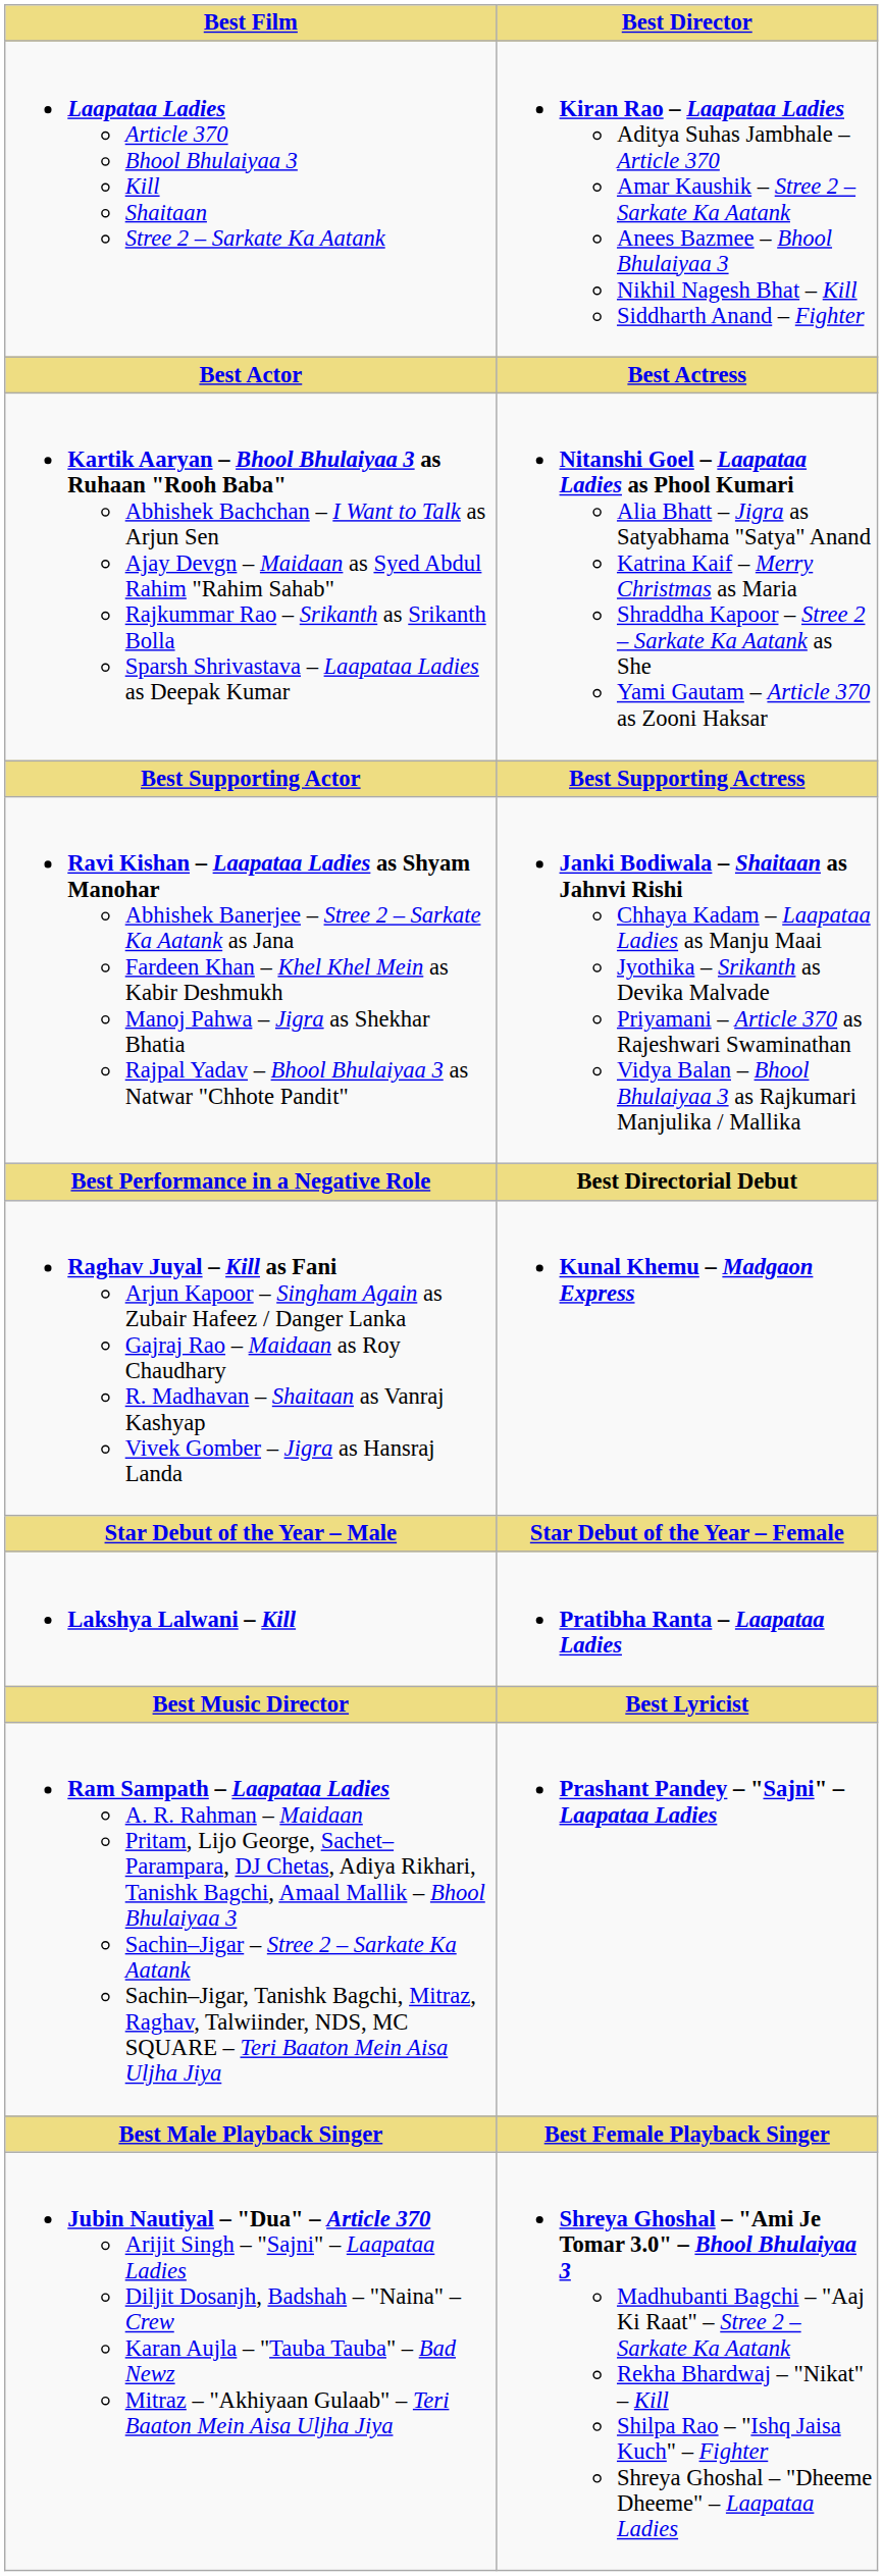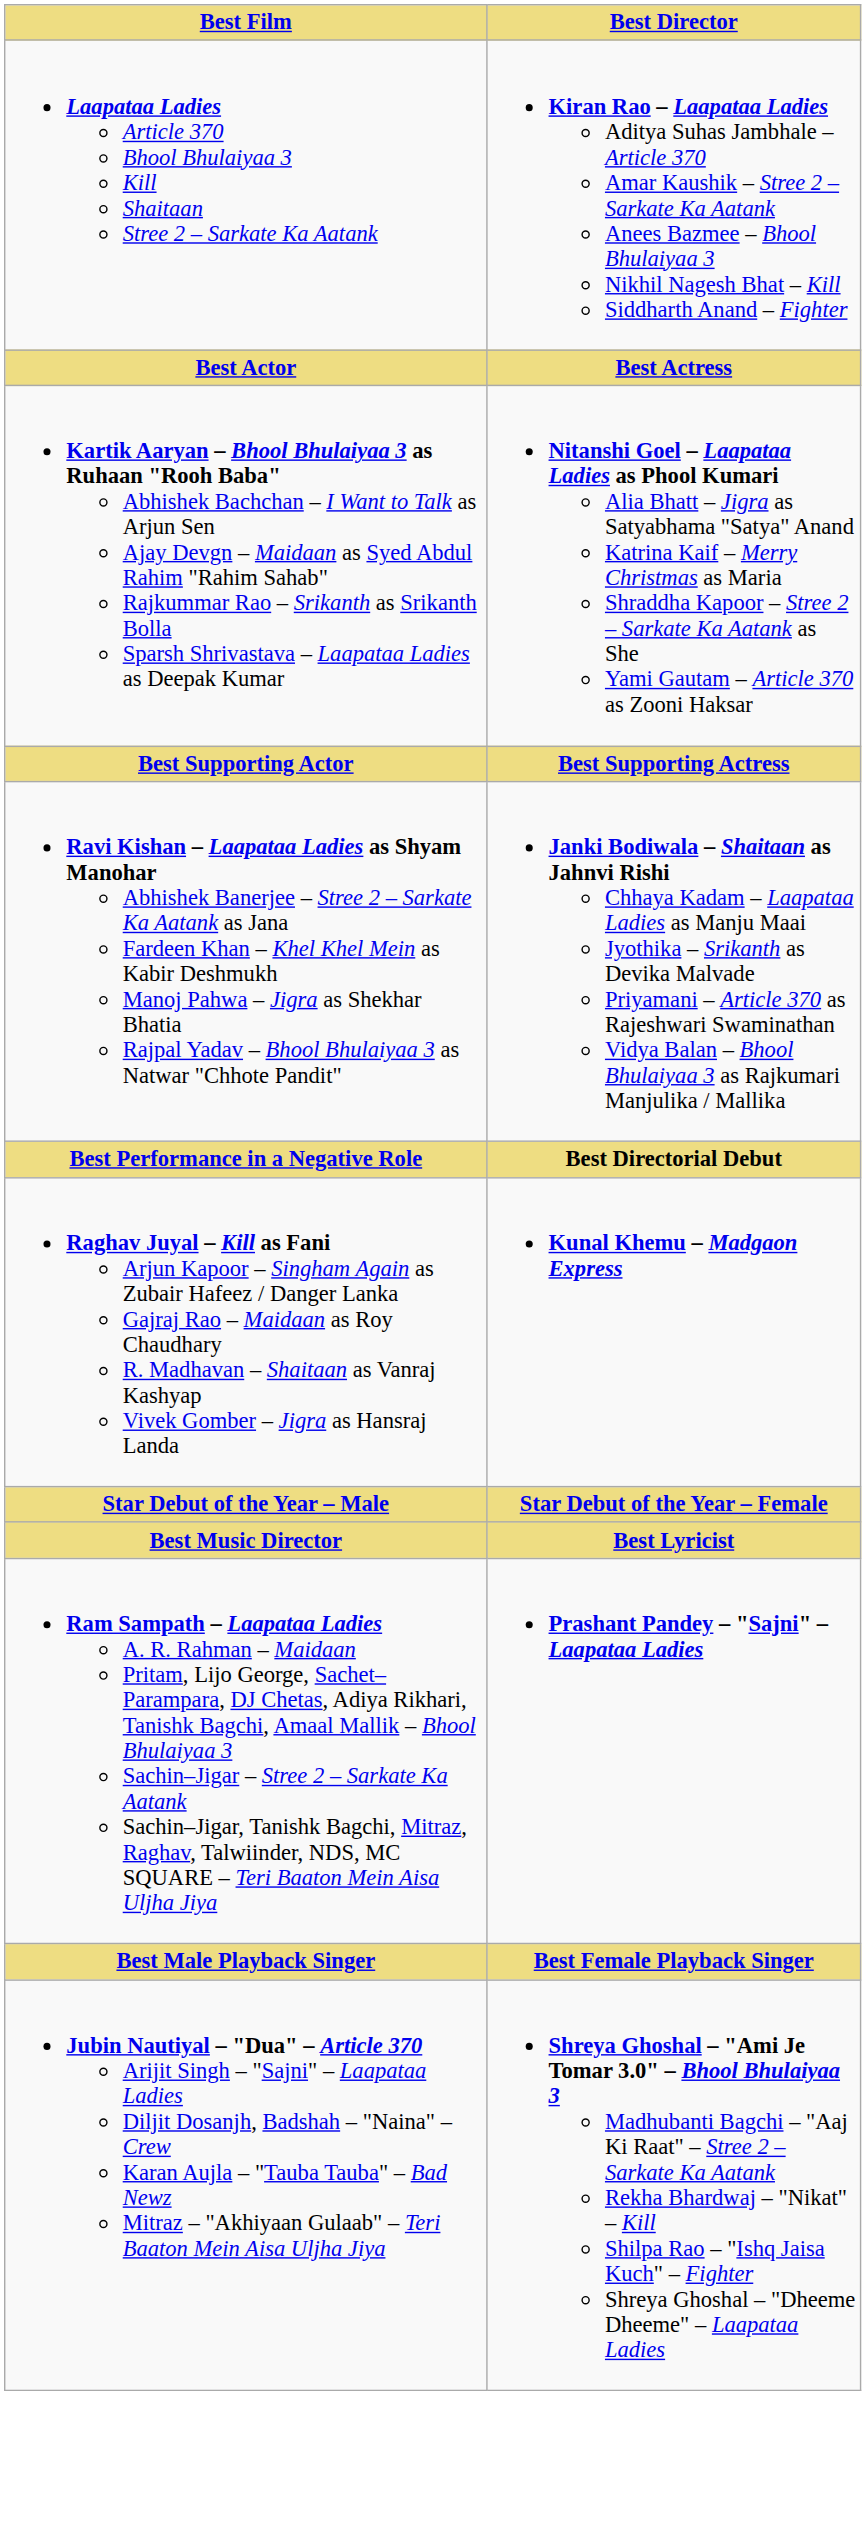 <table class="wikitable">
 <tr>
 <th ! style="background:#EEDD82;text-align:center;"><a href='#'>Best Film</a></th>
 <th ! style="background:#eedd82;text-align:center;"><a href='#'>Best Director</a></th>
 </tr>
 <tr>
 <td valign="top"><br><ul><li><a href='#'><strong><em>Laapataa Ladies</em></strong></a><ul><li><a href='#'><em>Article 370</em></a></li><li><a href='#'><em>Bhool Bhulaiyaa 3</em></a></li><li><a href='#'><em>Kill</em></a></li><li><a href='#'><em>Shaitaan</em></a></li><li><a href='#'><em>Stree 2 – Sarkate Ka Aatank</em></a></li></ul></li></ul></td>
 <td valign="top"><br><ul><li><strong><a href='#'>Kiran Rao</a> – <a href='#'><em>Laapataa Ladies</em></a></strong><ul><li>Aditya Suhas Jambhale – <a href='#'><em>Article 370</em></a></li><li><a href='#'>Amar Kaushik</a> – <a href='#'><em>Stree 2 – Sarkate Ka Aatank</em></a></li><li><a href='#'>Anees Bazmee</a> – <a href='#'><em>Bhool Bhulaiyaa 3</em></a></li><li><a href='#'>Nikhil Nagesh Bhat</a> – <a href='#'><em>Kill</em></a></li><li><a href='#'>Siddharth Anand</a> – <a href='#'><em>Fighter</em></a></li></ul></li></ul></td>
 </tr>
 <tr>
 <th ! style="background:#EEDD82;text-align:center;"><a href='#'>Best Actor</a></th>
 <th ! style="background:#eedd82;text-align:center;"><a href='#'>Best Actress</a></th>
 </tr>
 <tr>
 <td valign="top"><br><ul><li><strong><a href='#'>Kartik Aaryan</a> – <a href='#'><em>Bhool Bhulaiyaa 3</em></a> as Ruhaan "Rooh Baba"</strong><ul><li><a href='#'>Abhishek Bachchan</a> – <a href='#'><em>I Want to Talk</em></a> as Arjun Sen</li><li><a href='#'>Ajay Devgn</a> – <em><a href='#'>Maidaan</a></em> as <a href='#'>Syed Abdul Rahim</a> "Rahim Sahab"</li><li><a href='#'>Rajkummar Rao</a> – <a href='#'><em>Srikanth</em></a> as <a href='#'>Srikanth Bolla</a></li><li><a href='#'>Sparsh Shrivastava</a> – <a href='#'><em>Laapataa Ladies</em></a> as Deepak Kumar</li></ul></li></ul></td>
 <td valign="top"><br><ul><li><a href='#'><strong>Nitanshi Goel</strong></a> <strong>– <a href='#'><em>Laapataa Ladies</em></a> as Phool Kumari</strong><ul><li><a href='#'>Alia Bhatt</a> – <em><a href='#'>Jigra</a></em> as Satyabhama "Satya" Anand</li><li><a href='#'>Katrina Kaif</a> – <a href='#'><em>Merry Christmas</em></a> as Maria</li><li><a href='#'>Shraddha Kapoor</a> – <a href='#'><em>Stree 2 – Sarkate Ka Aatank</em></a> as She</li><li><a href='#'>Yami Gautam</a> – <a href='#'><em>Article 370</em></a> as Zooni Haksar</li></ul></li></ul></td>
 </tr>
 <tr>
 <th ! style="background:#EEDD82;text-align:center;"><a href='#'>Best Supporting Actor</a></th>
 <th ! style="background:#eedd82;text-align:center;"><a href='#'>Best Supporting Actress</a></th>
 </tr>
 <tr>
 <td valign="top"><br><ul><li><a href='#'><strong>Ravi Kishan</strong></a> <strong>– <a href='#'><em>Laapataa Ladies</em></a> as Shyam Manohar</strong><ul><li><a href='#'>Abhishek Banerjee</a> – <a href='#'><em>Stree 2 – Sarkate Ka Aatank</em></a> as Jana</li><li><a href='#'>Fardeen Khan</a> – <a href='#'><em>Khel Khel Mein</em></a> as Kabir Deshmukh</li><li><a href='#'>Manoj Pahwa</a> – <em><a href='#'>Jigra</a></em> as Shekhar Bhatia</li><li><a href='#'>Rajpal Yadav</a> – <a href='#'><em>Bhool Bhulaiyaa 3</em></a> as Natwar "Chhote Pandit"</li></ul></li></ul></td>
 <td valign="top"><br><ul><li><a href='#'><strong>Janki Bodiwala</strong></a> <strong>– <a href='#'><em>Shaitaan</em></a> as Jahnvi Rishi</strong><ul><li><a href='#'>Chhaya Kadam</a> – <a href='#'><em>Laapataa Ladies</em></a> as Manju Maai</li><li><a href='#'>Jyothika</a> – <a href='#'><em>Srikanth</em></a> as Devika Malvade</li><li><a href='#'>Priyamani</a> – <em><a href='#'>Article 370</a></em> as Rajeshwari Swaminathan</li><li><a href='#'>Vidya Balan</a> – <a href='#'><em>Bhool Bhulaiyaa 3</em></a> as Rajkumari Manjulika / Mallika</li></ul></li></ul></td>
 </tr>
 <tr>
 <th ! style="background:#eedd82; text-align:center;"><a href='#'>Best Performance in a Negative Role</a></th>
 <th ! style="background:#eedd82; text-align:center;">Best Directorial Debut</th>
 </tr>
 <tr>
 <td valign="top"><br><ul><li><a href='#'><strong>Raghav Juyal</strong></a> <strong>– <a href='#'><em>Kill</em></a> as Fani</strong><ul><li><a href='#'>Arjun Kapoor</a> – <a href='#'><em>Singham Again</em></a> as Zubair Hafeez / Danger Lanka</li><li><a href='#'>Gajraj Rao</a> – <em><a href='#'>Maidaan</a></em> as Roy Chaudhary</li><li><a href='#'>R. Madhavan</a> – <a href='#'><em>Shaitaan</em></a> as Vanraj Kashyap</li><li><a href='#'>Vivek Gomber</a> – <em><a href='#'>Jigra</a></em> as Hansraj Landa</li></ul></li></ul></td>
 <td valign="top"><br><ul><li><strong><a href='#'>Kunal Khemu</a> – <a href='#'><em>Madgaon Express</em></a></strong></li></ul></td>
 </tr>
 <tr>
 <th ! style="background:#eedd82; text-align:center;"><a href='#'>Star Debut of the Year – Male</a></th>
 <th ! style="background:#eedd82; text-align:center;"><a href='#'>Star Debut of the Year – Female</a></th>
 </tr>
 <tr>
-<td valign="top"><br><ul><li><a href='#'><strong>Lakshya Lalwani</strong></a> <strong>– <a href='#'><em>Kill</em></a></strong></li></ul></td>
-<td valign="top"><br><ul><li><strong><a href='#'>Pratibha Ranta</a> – <a href='#'><em>Laapataa Ladies</em></a></strong></li></ul></td>
-</tr>
-<tr>
 <th style="background:#eedd82; text-align:center;" !><a href='#'>Best Music Director</a></th>
 <th style="background:#eedd82; text-align:center;" !><a href='#'>Best Lyricist</a></th>
 </tr>
 <tr>
 <td valign="top"><br><ul><li><a href='#'><strong>Ram Sampath</strong></a> <strong>– <a href='#'><em>Laapataa Ladies</em></a></strong><ul><li><a href='#'>A. R. Rahman</a> – <em><a href='#'>Maidaan</a></em></li><li><a href='#'>Pritam</a>, Lijo George, <a href='#'>Sachet–Parampara</a>, <a href='#'>DJ Chetas</a>, Adiya Rikhari, <a href='#'>Tanishk Bagchi</a>, <a href='#'>Amaal Mallik</a> – <a href='#'><em>Bhool Bhulaiyaa 3</em></a></li><li><a href='#'>Sachin–Jigar</a> – <a href='#'><em>Stree 2 – Sarkate Ka Aatank</em></a></li><li>Sachin–Jigar, Tanishk Bagchi, <a href='#'>Mitraz</a>, <a href='#'>Raghav</a>, Talwiinder, NDS, MC SQUARE – <a href='#'><em>Teri Baaton Mein Aisa Uljha Jiya</em></a></li></ul></li></ul></td>
 <td valign="top"><br><ul><li><a href='#'><strong>Prashant Pandey</strong></a> <strong>– "<a href='#'>Sajni</a>" – <a href='#'><em>Laapataa Ladies</em></a></strong></li></ul></td>
 </tr>
 <tr>
 <th ! style="background:#eedd82; text-align:center;"><a href='#'>Best Male Playback Singer</a></th>
 <th ! style="background:#eedd82; text-align:center;"><a href='#'>Best Female Playback Singer</a></th>
 </tr>
 <tr>
 <td valign="top"><br><ul><li><a href='#'><strong>Jubin Nautiyal</strong></a> <strong>– "Dua" – <a href='#'><em>Article 370</em></a></strong><ul><li><a href='#'>Arijit Singh</a> – "<a href='#'>Sajni</a>" – <a href='#'><em>Laapataa Ladies</em></a></li><li><a href='#'>Diljit Dosanjh</a>, <a href='#'>Badshah</a> – "Naina" – <a href='#'><em>Crew</em></a></li><li><a href='#'>Karan Aujla</a> – "<a href='#'>Tauba Tauba</a>" – <a href='#'><em>Bad Newz</em></a></li><li><a href='#'>Mitraz</a> – "Akhiyaan Gulaab" – <a href='#'><em>Teri Baaton Mein Aisa Uljha Jiya</em></a></li></ul></li></ul></td>
 <td valign="top"><br><ul><li><a href='#'><strong>Shreya Ghoshal</strong></a> <strong>– "Ami Je Tomar 3.0" – <a href='#'><em>Bhool Bhulaiyaa 3</em></a></strong><ul><li><a href='#'>Madhubanti Bagchi</a> – "Aaj Ki Raat" – <a href='#'><em>Stree 2 – Sarkate Ka Aatank</em></a></li><li><a href='#'>Rekha Bhardwaj</a> – "Nikat" – <a href='#'><em>Kill</em></a></li><li><a href='#'>Shilpa Rao</a> – "<a href='#'>Ishq Jaisa Kuch</a>" – <a href='#'><em>Fighter</em></a></li><li>Shreya Ghoshal – "Dheeme Dheeme" – <em><a href='#'>Laapataa Ladies</a></em></li></ul></li></ul></td>
 </tr>
 </table>
